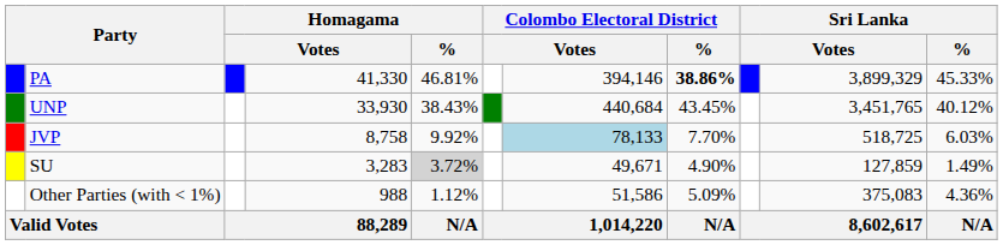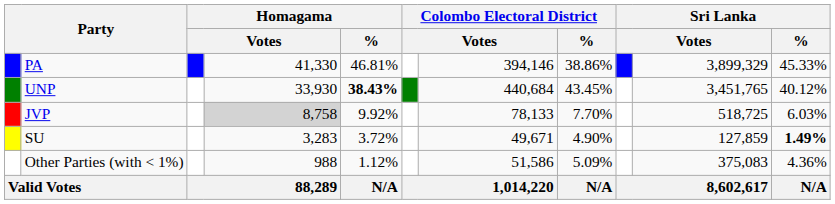 <table class="wikitable">
 <tr>
 <th colspan="2" width="144px"rowspan="2">Party</th>
 <th colspan="3" width="216px">Homagama</th>
 <th colspan="3" width="216px"><a href='#'>Colombo Electoral District</a></th>
 <th colspan="3" width="216px">Sri Lanka</th>
 </tr>
 <tr>
 <th colspan="2" width="144px">Votes</th>
 <th>%</th>
 <th colspan="2" width="144px">Votes</th>
 <th>%</th>
 <th colspan="2" width="144px">Votes</th>
 <th>%</th>
 </tr>
 <tr>
 <td style="background-color:blue;" width="10px"></td>
 <td style="text-align:left;"><a href='#'>PA</a></td>
 <td style="background-color:blue;" width="10px"></td>
 <td style="text-align:right;">41,330</td>
 <td style="text-align:right;">46.81%</td>
 <td style="background-color:white;" width="10px"></td>
 <td style="text-align:right;">394,146</td>
-<td style="text-align:right;"><strong>38.86%</strong></td>
+<td style="text-align:right;">38.86%</td>
 <td style="background-color:blue;" width="10px"></td>
 <td style="text-align:right;">3,899,329</td>
 <td style="text-align:right;">45.33%</td>
 </tr>
 <tr>
 <td style="background-color:green;" width="10px"></td>
 <td style="text-align:left;"><a href='#'>UNP</a></td>
 <td style="background-color:white;" width="10px"></td>
 <td style="text-align:right;">33,930</td>
-<td style="text-align:right;">38.43%</td>
+<td style="text-align:right;"><strong>38.43%</strong></td>
 <td style="background-color:green;" width="10px"></td>
 <td style="text-align:right;">440,684</td>
 <td style="text-align:right;">43.45%</td>
 <td style="background-color:white;" width="10px"></td>
 <td style="text-align:right;">3,451,765</td>
 <td style="text-align:right;">40.12%</td>
 </tr>
 <tr>
 <td style="background-color:red;" width="10px"></td>
 <td style="text-align:left;"><a href='#'>JVP</a></td>
 <td style="background-color:white;" width="10px"></td>
-<td style="text-align:right;">8,758</td>
+<td style="background: lightgrey; text-align:right;">8,758</td>
 <td style="text-align:right;">9.92%</td>
 <td style="background-color:white;" width="10px"></td>
-<td style="background: lightblue; text-align:right;">78,133</td>
+<td style="text-align:right;">78,133</td>
 <td style="text-align:right;">7.70%</td>
 <td style="background-color:white;" width="10px"></td>
 <td style="text-align:right;">518,725</td>
 <td style="text-align:right;">6.03%</td>
 </tr>
 <tr>
 <td style="background-color:yellow;" width="10px"></td>
 <td style="text-align:left;">SU</td>
 <td style="background-color:white;" width="10px"></td>
 <td style="text-align:right;">3,283</td>
-<td style="background: lightgrey; text-align:right;">3.72%</td>
+<td style="text-align:right;">3.72%</td>
 <td style="background-color:white;" width="10px"></td>
 <td style="text-align:right;">49,671</td>
 <td style="text-align:right;">4.90%</td>
 <td style="background-color:white;" width="10px"></td>
 <td style="text-align:right;">127,859</td>
-<td style="text-align:right;">1.49%</td>
+<td style="text-align:right;"><strong>1.49%</strong></td>
 </tr>
 <tr>
 <td style="background-color:white;" width="10px"></td>
 <td style="text-align:left;">Other Parties (with < 1%)</td>
 <td style="background-color:white;" width="10px"></td>
 <td style="text-align:right;">988</td>
 <td style="text-align:right;">1.12%</td>
 <td style="background-color:white;" width="10px"></td>
 <td style="text-align:right;">51,586</td>
 <td style="text-align:right;">5.09%</td>
 <td style="background-color:white;" width="10px"></td>
 <td style="text-align:right;">375,083</td>
 <td style="text-align:right;">4.36%</td>
 </tr>
 <tr>
 <th colspan="2" width="144px"style="text-align:left;">Valid Votes</th>
 <th style="text-align:right;"colspan="2" width="144px">88,289</th>
 <th style="text-align:right;">N/A</th>
 <th style="text-align:right;"colspan="2" width="144px">1,014,220</th>
 <th style="text-align:right;">N/A</th>
 <th style="text-align:right;"colspan="2" width="144px">8,602,617</th>
 <th style="text-align:right;">N/A</th>
 </tr>
 </table>
